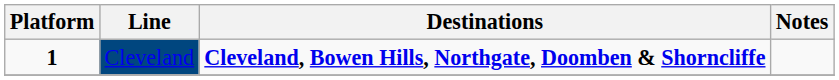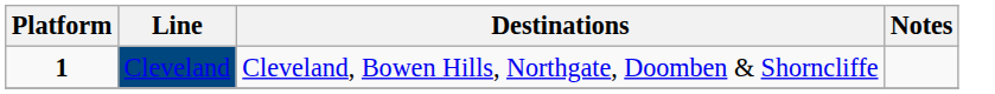 <table class="wikitable" style="float: none; margin: 0.5em; ">
 <tr>
 <th>Platform</th>
 <th>Line</th>
 <th>Destinations</th>
 <th>Notes</th>
 </tr>
 <tr>
 <td rowspan="1" style="text-align:center;"><strong>1</strong></td>
 <td style=background:#00467f><a href='#'><span>Cleveland</span></a></td>
-<td><strong><a href='#'>Cleveland</a>, <a href='#'>Bowen Hills</a>, <a href='#'>Northgate</a>, <a href='#'>Doomben</a> & <a href='#'>Shorncliffe</a></strong></td>
+<td><a href='#'>Cleveland</a>, <a href='#'>Bowen Hills</a>, <a href='#'>Northgate</a>, <a href='#'>Doomben</a> & <a href='#'>Shorncliffe</a></td>
 <td></td>
 </tr>
 <tr>
 </tr>
 </table>
